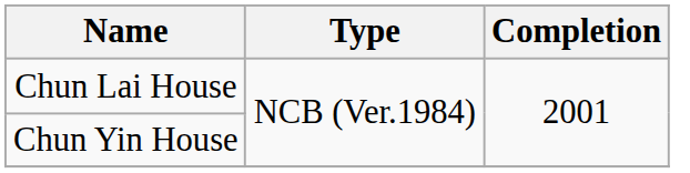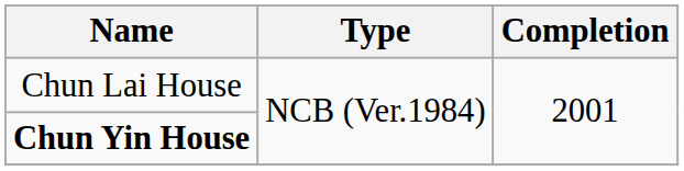 <table class="wikitable" style="text-align: center">
 <tr>
 <th>Name</th>
 <th>Type</th>
 <th>Completion</th>
 </tr>
 <tr>
 <td>Chun Lai House</td>
 <td rowspan="2">NCB (Ver.1984)</td>
 <td rowspan="2">2001</td>
 </tr>
 <tr>
-<td>Chun Yin House</td>
+<td><strong>Chun Yin House</strong></td>
 </tr>
 <tr>
 </tr>
 </table>
